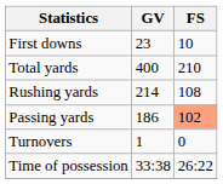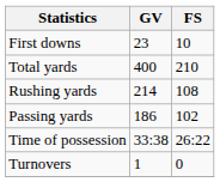 <table class="wikitable" style="float: left;">
 <tr>
 <th>Statistics</th>
 <th>GV</th>
 <th>FS</th>
 </tr>
 <tr>
 <td>First downs</td>
 <td>23</td>
 <td>10</td>
 </tr>
 <tr>
 <td>Total yards</td>
 <td>400</td>
 <td>210</td>
 </tr>
 <tr>
 <td>Rushing yards</td>
 <td>214</td>
 <td>108</td>
 </tr>
 <tr>
 <td>Passing yards</td>
 <td>186</td>
-<td style="background: lightsalmon;">102</td>
+<td>102</td>
+</tr>
+<tr>
+<td>Time of possession</td>
+<td>33:38</td>
+<td>26:22</td>
 </tr>
 <tr>
 <td>Turnovers</td>
 <td>1</td>
 <td>0</td>
 </tr>
 <tr>
-<td>Time of possession</td>
-<td>33:38</td>
-<td>26:22</td>
-</tr>
-<tr>
 </tr>
 </table>
